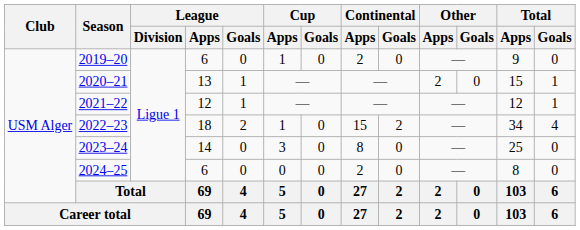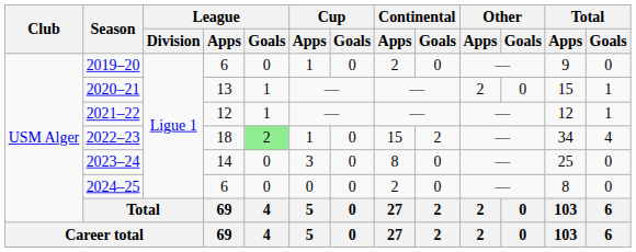 <table class="wikitable" style="text-align: center;">
 <tr>
 <th rowspan="2">Club</th>
 <th rowspan="2">Season</th>
 <th colspan="3">League</th>
 <th colspan="2">Cup</th>
 <th colspan="2">Continental</th>
 <th colspan="2">Other</th>
 <th colspan="2">Total</th>
 </tr>
 <tr>
 <th>Division</th>
 <th>Apps</th>
 <th>Goals</th>
 <th>Apps</th>
 <th>Goals</th>
 <th>Apps</th>
 <th>Goals</th>
 <th>Apps</th>
 <th>Goals</th>
 <th>Apps</th>
 <th>Goals</th>
 </tr>
 <tr>
 <td rowspan="7" valign="center"><a href='#'>USM Alger</a></td>
 <td><a href='#'>2019–20</a></td>
 <td rowspan=6><a href='#'>Ligue 1</a></td>
 <td>6</td>
 <td>0</td>
 <td>1</td>
 <td>0</td>
 <td>2</td>
 <td>0</td>
 <td colspan=2>—</td>
 <td>9</td>
 <td>0</td>
 </tr>
 <tr>
 <td><a href='#'>2020–21</a></td>
 <td>13</td>
 <td>1</td>
 <td colspan=2>—</td>
 <td colspan=2>—</td>
 <td>2</td>
 <td>0</td>
 <td>15</td>
 <td>1</td>
 </tr>
 <tr>
 <td><a href='#'>2021–22</a></td>
 <td>12</td>
 <td>1</td>
 <td colspan=2>—</td>
 <td colspan=2>—</td>
 <td colspan=2>—</td>
 <td>12</td>
 <td>1</td>
 </tr>
 <tr>
 <td><a href='#'>2022–23</a></td>
 <td>18</td>
-<td>2</td>
+<td style="background: lightgreen;">2</td>
 <td>1</td>
 <td>0</td>
 <td>15</td>
 <td>2</td>
 <td colspan=2>—</td>
 <td>34</td>
 <td>4</td>
 </tr>
 <tr>
 <td><a href='#'>2023–24</a></td>
 <td>14</td>
 <td>0</td>
 <td>3</td>
 <td>0</td>
 <td>8</td>
 <td>0</td>
 <td colspan=2>—</td>
 <td>25</td>
 <td>0</td>
 </tr>
 <tr>
 <td><a href='#'>2024–25</a></td>
 <td>6</td>
 <td>0</td>
 <td>0</td>
 <td>0</td>
 <td>2</td>
 <td>0</td>
 <td colspan=2>—</td>
 <td>8</td>
 <td>0</td>
 </tr>
 <tr>
 <th colspan="2">Total</th>
 <th>69</th>
 <th>4</th>
 <th>5</th>
 <th>0</th>
 <th>27</th>
 <th>2</th>
 <th>2</th>
 <th>0</th>
 <th>103</th>
 <th>6</th>
 </tr>
 <tr>
 <th colspan="3">Career total</th>
 <th>69</th>
 <th>4</th>
 <th>5</th>
 <th>0</th>
 <th>27</th>
 <th>2</th>
 <th>2</th>
 <th>0</th>
 <th>103</th>
 <th>6</th>
 </tr>
 </table>
